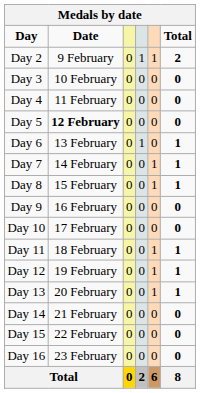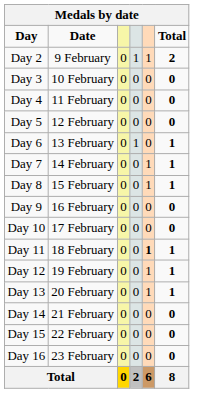 <table class=wikitable style="font-size:85%">
 <tr bgcolor=efefef>
 <th colspan=6><strong>Medals by date</strong></th>
 </tr>
 <tr align=center>
 <td><strong>Day</strong></td>
 <td><strong>Date</strong></td>
 <td bgcolor=#f7f6a8></td>
 <td bgcolor=#dce5e5></td>
 <td bgcolor=#ffdab9></td>
 <td><strong>Total</strong></td>
 </tr>
 <tr align=center>
 <td>Day 2</td>
 <td>9 February</td>
 <td bgcolor=F7F6A8>0</td>
 <td bgcolor=DCE5E5>1</td>
 <td bgcolor=FFDAB9>1</td>
 <td><strong>2</strong></td>
 </tr>
 <tr align=center>
 <td>Day 3</td>
 <td>10 February</td>
 <td bgcolor=F7F6A8>0</td>
 <td bgcolor=DCE5E5>0</td>
 <td bgcolor=FFDAB9>0</td>
 <td><strong>0</strong></td>
 </tr>
 <tr align=center>
 <td>Day 4</td>
 <td>11 February</td>
 <td bgcolor=F7F6A8>0</td>
 <td bgcolor=DCE5E5>0</td>
 <td bgcolor=FFDAB9>0</td>
 <td><strong>0</strong></td>
 </tr>
 <tr align=center>
 <td>Day 5</td>
-<td><strong>12 February</strong></td>
+<td>12 February</td>
 <td bgcolor=F7F6A8>0</td>
 <td bgcolor=DCE5E5>0</td>
 <td bgcolor=FFDAB9>0</td>
 <td><strong>0</strong></td>
 </tr>
 <tr align=center>
 <td>Day 6</td>
 <td>13 February</td>
 <td bgcolor=F7F6A8>0</td>
 <td bgcolor=DCE5E5>1</td>
 <td bgcolor=FFDAB9>0</td>
 <td><strong>1</strong></td>
 </tr>
 <tr align=center>
 <td>Day 7</td>
 <td>14 February</td>
 <td bgcolor=F7F6A8>0</td>
 <td bgcolor=DCE5E5>0</td>
 <td bgcolor=FFDAB9>1</td>
 <td><strong>1</strong></td>
 </tr>
 <tr align=center>
 <td>Day 8</td>
 <td>15 February</td>
 <td bgcolor=F7F6A8>0</td>
 <td bgcolor=DCE5E5>0</td>
 <td bgcolor=FFDAB9>1</td>
 <td><strong>1</strong></td>
 </tr>
 <tr align=center>
 <td>Day 9</td>
 <td>16 February</td>
 <td bgcolor=F7F6A8>0</td>
 <td bgcolor=DCE5E5>0</td>
 <td bgcolor=FFDAB9>0</td>
 <td><strong>0</strong></td>
 </tr>
 <tr align=center>
 <td>Day 10</td>
 <td>17 February</td>
 <td bgcolor=F7F6A8>0</td>
 <td bgcolor=DCE5E5>0</td>
 <td bgcolor=FFDAB9>0</td>
 <td><strong>0</strong></td>
 </tr>
 <tr align=center>
 <td>Day 11</td>
 <td>18 February</td>
 <td bgcolor=F7F6A8>0</td>
 <td bgcolor=DCE5E5>0</td>
-<td bgcolor=FFDAB9>1</td>
+<td bgcolor=FFDAB9><strong>1</strong></td>
 <td><strong>1</strong></td>
 </tr>
 <tr align=center>
 <td>Day 12</td>
 <td>19 February</td>
 <td bgcolor=F7F6A8>0</td>
 <td bgcolor=DCE5E5>0</td>
 <td bgcolor=FFDAB9>1</td>
 <td><strong>1</strong></td>
 </tr>
 <tr align=center>
 <td>Day 13</td>
 <td>20 February</td>
 <td bgcolor=F7F6A8>0</td>
 <td bgcolor=DCE5E5>0</td>
 <td bgcolor=FFDAB9>1</td>
 <td><strong>1</strong></td>
 </tr>
 <tr align=center>
 <td>Day 14</td>
 <td>21 February</td>
 <td bgcolor=F7F6A8>0</td>
 <td bgcolor=DCE5E5>0</td>
 <td bgcolor=FFDAB9>0</td>
 <td><strong>0</strong></td>
 </tr>
 <tr align=center>
 <td>Day 15</td>
 <td>22 February</td>
 <td bgcolor=F7F6A8>0</td>
 <td bgcolor=DCE5E5>0</td>
 <td bgcolor=FFDAB9>0</td>
 <td><strong>0</strong></td>
 </tr>
 <tr align=center>
 <td>Day 16</td>
 <td>23 February</td>
 <td bgcolor=F7F6A8>0</td>
 <td bgcolor=DCE5E5>0</td>
 <td bgcolor=FFDAB9>0</td>
 <td><strong>0</strong></td>
 </tr>
 <tr>
 <th colspan=2><strong>Total</strong></th>
 <th style="background:gold"><strong>0</strong></th>
 <th style="background:silver"><strong>2</strong></th>
 <th style="background:#c96"><strong>6</strong></th>
 <th><strong>8</strong></th>
 </tr>
 </table>
